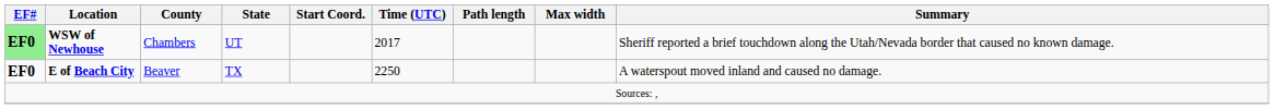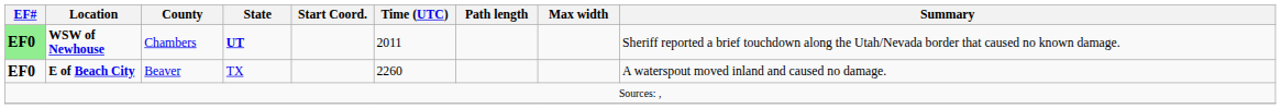 <table class="wikitable collapsible" width="100%">
 <tr>
 <th scope="col"  style="width:3%; text-align:center;"><a href='#'>EF#</a></th>
 <th scope="col"  style="width:7%; text-align:center;" class="unsortable">Location</th>
 <th scope="col"  style="width:6%; text-align:center;" class="unsortable">County</th>
 <th scope="col"  style="width:5%; text-align:center;">State</th>
 <th scope="col"  style="width:6%; text-align:center;">Start Coord.</th>
 <th scope="col"  style="width:6%; text-align:center;">Time (<a href='#'>UTC</a>)</th>
 <th scope="col"  style="width:6%; text-align:center;">Path length</th>
 <th scope="col"  style="width:6%; text-align:center;">Max width</th>
 <th scope="col" class="unsortable" style="width:48%; text-align:center;">Summary</th>
 </tr>
 <tr>
 <td style="background: lightgreen;"><big><strong>EF0</strong></big></td>
 <td><strong>WSW of <a href='#'>Newhouse</a></strong></td>
 <td><a href='#'>Chambers</a></td>
-<td><a href='#'>UT</a></td>
+<td><strong><a href='#'>UT</a></strong></td>
 <td></td>
-<td>2017</td>
+<td>2011</td>
 <td></td>
 <td></td>
 <td>Sheriff reported a brief touchdown along the Utah/Nevada border that caused no known damage.</td>
 </tr>
 <tr>
 <td><big><strong>EF0</strong></big></td>
 <td><strong>E of <a href='#'>Beach City</a></strong></td>
 <td><a href='#'>Beaver</a></td>
 <td><a href='#'>TX</a></td>
 <td></td>
-<td>2250</td>
+<td>2260</td>
 <td></td>
 <td></td>
 <td>A waterspout moved inland and caused no damage.</td>
 </tr>
 <tr>
 <td colspan="9" align=center><small>Sources: , </small></td>
 </tr>
 <tr>
 </tr>
 </table>
